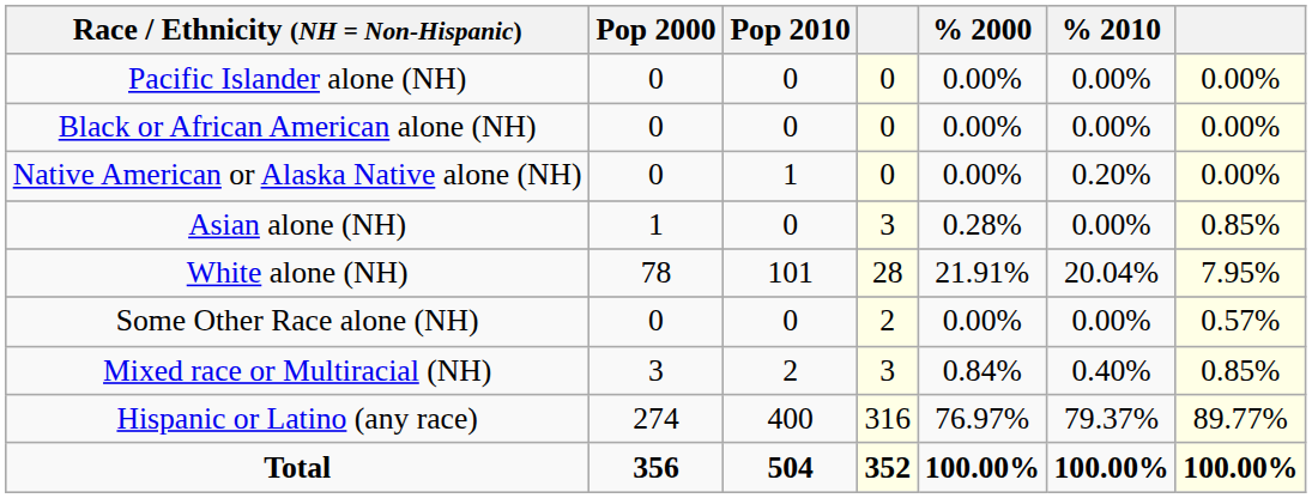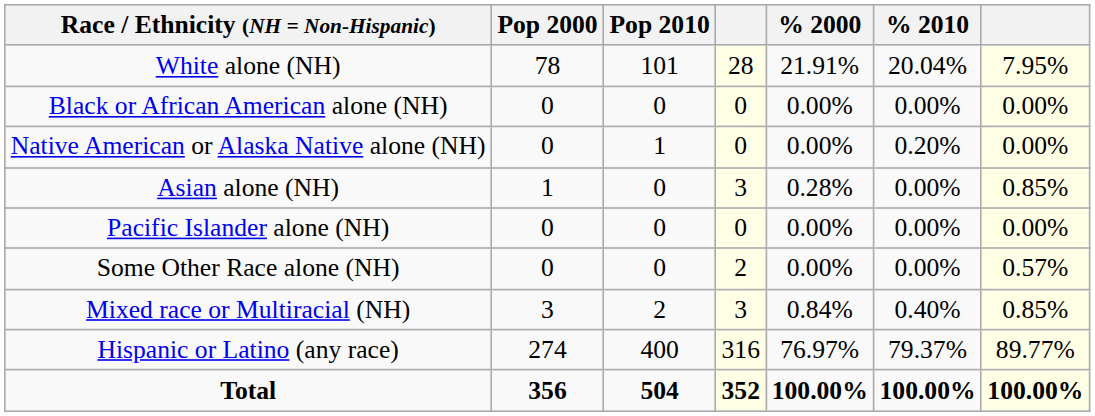 <table class="wikitable" style="text-align:center;">
 <tr>
 <th>Race / Ethnicity <small>(<em>NH = Non-Hispanic</em>)</small></th>
 <th>Pop 2000</th>
 <th>Pop 2010</th>
 <th></th>
 <th>% 2000</th>
 <th>% 2010</th>
 <th></th>
 </tr>
 <tr>
-<td><a href='#'>Pacific Islander</a> alone (NH)</td>
-<td>0</td>
-<td>0</td>
-<td style='background: #ffffe6;'>0</td>
-<td>0.00%</td>
-<td>0.00%</td>
-<td style='background: #ffffe6;'>0.00%</td>
+<td><a href='#'>White</a> alone (NH)</td>
+<td>78</td>
+<td>101</td>
+<td style='background: #ffffe6;'>28</td>
+<td>21.91%</td>
+<td>20.04%</td>
+<td style='background: #ffffe6;'>7.95%</td>
 </tr>
 <tr>
 <td><a href='#'>Black or African American</a> alone (NH)</td>
 <td>0</td>
 <td>0</td>
 <td style='background: #ffffe6;'>0</td>
 <td>0.00%</td>
 <td>0.00%</td>
 <td style='background: #ffffe6;'>0.00%</td>
 </tr>
 <tr>
 <td><a href='#'>Native American</a> or <a href='#'>Alaska Native</a> alone (NH)</td>
 <td>0</td>
 <td>1</td>
 <td style='background: #ffffe6;'>0</td>
 <td>0.00%</td>
 <td>0.20%</td>
 <td style='background: #ffffe6;'>0.00%</td>
 </tr>
 <tr>
 <td><a href='#'>Asian</a> alone (NH)</td>
 <td>1</td>
 <td>0</td>
 <td style='background: #ffffe6;'>3</td>
 <td>0.28%</td>
 <td>0.00%</td>
 <td style='background: #ffffe6;'>0.85%</td>
 </tr>
 <tr>
-<td><a href='#'>White</a> alone (NH)</td>
-<td>78</td>
-<td>101</td>
-<td style='background: #ffffe6;'>28</td>
-<td>21.91%</td>
-<td>20.04%</td>
-<td style='background: #ffffe6;'>7.95%</td>
+<td><a href='#'>Pacific Islander</a> alone (NH)</td>
+<td>0</td>
+<td>0</td>
+<td style='background: #ffffe6;'>0</td>
+<td>0.00%</td>
+<td>0.00%</td>
+<td style='background: #ffffe6;'>0.00%</td>
 </tr>
 <tr>
 <td>Some Other Race alone (NH)</td>
 <td>0</td>
 <td>0</td>
 <td style='background: #ffffe6;'>2</td>
 <td>0.00%</td>
 <td>0.00%</td>
 <td style='background: #ffffe6;'>0.57%</td>
 </tr>
 <tr>
 <td><a href='#'>Mixed race or Multiracial</a> (NH)</td>
 <td>3</td>
 <td>2</td>
 <td style='background: #ffffe6;'>3</td>
 <td>0.84%</td>
 <td>0.40%</td>
 <td style='background: #ffffe6;'>0.85%</td>
 </tr>
 <tr>
 <td><a href='#'>Hispanic or Latino</a> (any race)</td>
 <td>274</td>
 <td>400</td>
 <td style='background: #ffffe6;'>316</td>
 <td>76.97%</td>
 <td>79.37%</td>
 <td style='background: #ffffe6;'>89.77%</td>
 </tr>
 <tr>
 <td><strong>Total</strong></td>
 <td><strong>356</strong></td>
 <td><strong>504</strong></td>
 <td style='background: #ffffe6;'><strong>352</strong></td>
 <td><strong>100.00%</strong></td>
 <td><strong>100.00%</strong></td>
 <td style='background: #ffffe6;'><strong>100.00%</strong></td>
 </tr>
 </table>
